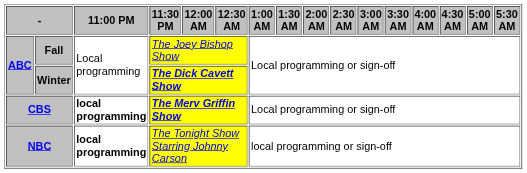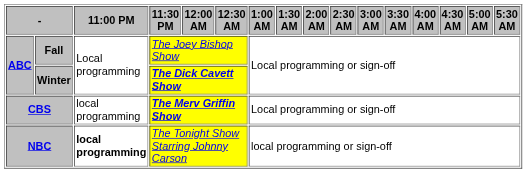 <table border="1" cellpadding="2">
 <tr>
 <th bgcolor="#C0C0C0" colspan=2>-</th>
 <th width="13%" bgcolor="#C0C0C0">11:00 PM</th>
 <th width="14%" bgcolor="#C0C0C0">11:30 PM</th>
 <th width="13%" bgcolor="#C0C0C0">12:00 AM</th>
 <th width="14%" bgcolor="#C0C0C0">12:30 AM</th>
 <th width="13%" bgcolor="#C0C0C0">1:00 AM</th>
 <th width="14%" bgcolor="#C0C0C0">1:30 AM</th>
 <th width="13%" bgcolor="#C0C0C0">2:00 AM</th>
 <th width="14%" bgcolor="#C0C0C0">2:30 AM</th>
 <th width="13%" bgcolor="#C0C0C0">3:00 AM</th>
 <th width="14%" bgcolor="#C0C0C0">3:30 AM</th>
 <th width="13%" bgcolor="#C0C0C0">4:00 AM</th>
 <th width="14%" bgcolor="#C0C0C0">4:30 AM</th>
 <th width="13%" bgcolor="#C0C0C0">5:00 AM</th>
 <th width="14%" bgcolor="#C0C0C0">5:30 AM</th>
 </tr>
 <tr>
 <th bgcolor="#C0C0C0" rowspan=2><a href='#'>ABC</a></th>
 <th bgcolor=#C0C0C0>Fall</th>
 <td bgcolor="white" rowspan=2>Local programming</td>
 <td bgcolor="yellow" colspan="3"><a href='#'><em>The Joey Bishop Show</em></a></td>
 <td bgcolor="white" colspan="10" rowspan=2>Local programming or sign-off</td>
 </tr>
 <tr>
 <th bgcolor=#C0C0C0>Winter</th>
 <td bgcolor="yellow" colspan="3"><strong><em><a href='#'>The Dick Cavett Show</a></em></strong></td>
 </tr>
 <tr>
 <th bgcolor="#C0C0C0" colspan=2><a href='#'>CBS</a></th>
-<td bgcolor="white"><strong>local programming</strong></td>
+<td bgcolor="white">local programming</td>
 <td bgcolor="yellow" colspan="3"><strong><em><a href='#'>The Merv Griffin Show</a></em></strong></td>
 <td bgcolor="white" colspan="10">Local programming or sign-off</td>
 </tr>
 <tr>
 <th bgcolor="#C0C0C0" colspan=2><a href='#'>NBC</a></th>
 <td bgcolor="white"><strong>local programming</strong></td>
 <td bgcolor="yellow" colspan="3"><em><a href='#'>The Tonight Show Starring Johnny Carson</a></em></td>
 <td bgcolor="white" colspan="10">local programming or sign-off</td>
 </tr>
 </table>
